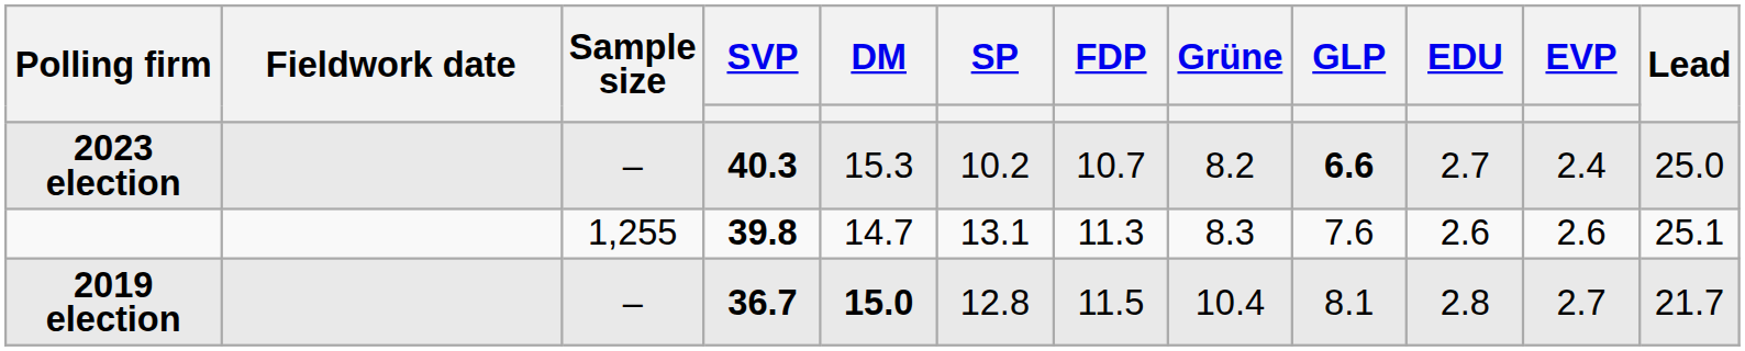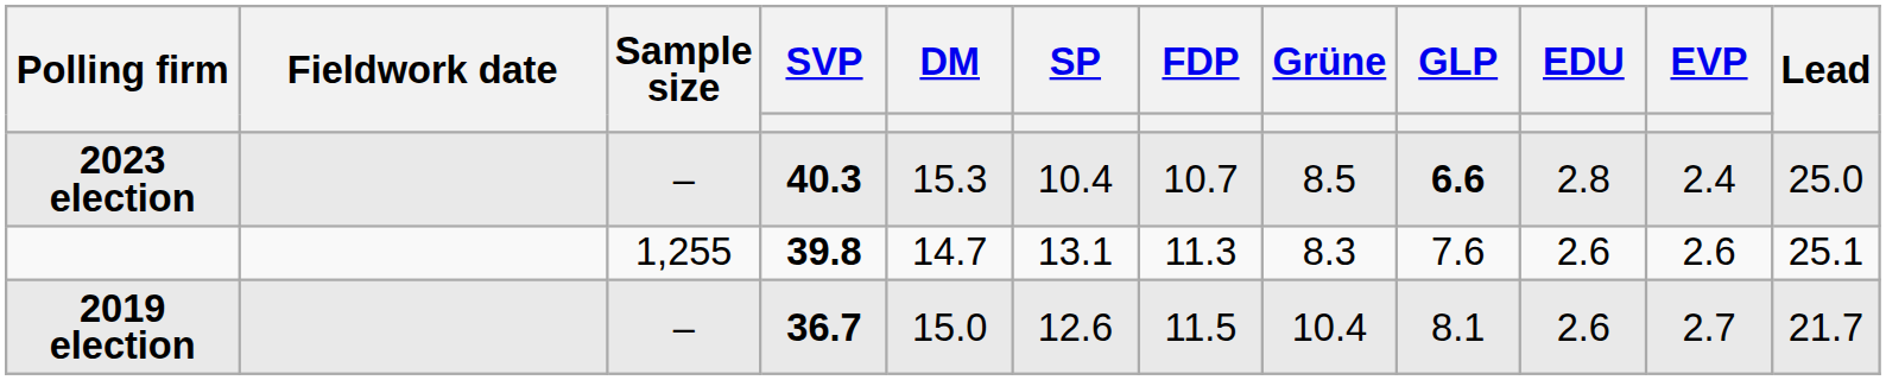 <table class="wikitable sortable" style="text-align:center;font-size:90%;line-height:14px;">
 <tr style="height:40px;">
 <th style="width:80px;" rowspan="2">Polling firm</th>
 <th style="width:130px;" rowspan="2">Fieldwork date</th>
 <th style="width:35px;" rowspan="2">Sample<br>size</th>
 <th class="unsortable" style="width:40px;"><a href='#'>SVP</a></th>
 <th class="unsortable" style="width:40px;"><a href='#'>DM</a></th>
 <th class="unsortable" style="width:40px;"><a href='#'>SP</a></th>
 <th class="unsortable" style="width:40px;"><a href='#'>FDP</a></th>
 <th class="unsortable" style="width:40px;"><a href='#'>Grüne</a></th>
 <th class="unsortable" style="width:40px;"><a href='#'>GLP</a></th>
 <th class="unsortable" style="width:40px;"><a href='#'>EDU</a></th>
 <th class="unsortable" style="width:40px;"><a href='#'>EVP</a></th>
 <th style="width:30px;" rowspan="2">Lead</th>
 </tr>
 <tr>
 <th style="background:"></th>
 <th style="background:"></th>
 <th style="background:"></th>
 <th style="background:"></th>
 <th style="background:"></th>
 <th style="background:"></th>
 <th style="background:"></th>
 <th style="background:"></th>
 </tr>
 <tr style="background:#E9E9E9;">
 <td><strong>2023 election</strong></td>
 <td></td>
 <td>–</td>
 <td style="background:#"><strong>40.3</strong></td>
 <td>15.3</td>
-<td>10.2</td>
+<td>10.4</td>
 <td>10.7</td>
-<td>8.2</td>
+<td>8.5</td>
 <td><strong>6.6</strong></td>
-<td>2.7</td>
+<td>2.8</td>
 <td>2.4</td>
 <td style="background:">25.0</td>
 </tr>
 <tr>
 <td></td>
 <td></td>
 <td>1,255</td>
 <td style="background:#"><strong>39.8</strong></td>
 <td>14.7</td>
 <td>13.1</td>
 <td>11.3</td>
 <td>8.3</td>
 <td>7.6</td>
 <td>2.6</td>
 <td>2.6</td>
 <td style="background:">25.1</td>
 </tr>
 <tr style="background:#E9E9E9;">
 <td><strong>2019 election</strong></td>
 <td></td>
 <td>–</td>
 <td style="background:#"><strong>36.7</strong></td>
-<td><strong>15.0</strong></td>
-<td>12.8</td>
+<td>15.0</td>
+<td>12.6</td>
 <td>11.5</td>
 <td>10.4</td>
 <td>8.1</td>
-<td>2.8</td>
+<td>2.6</td>
 <td>2.7</td>
 <td style="background:">21.7</td>
 </tr>
 </table>
